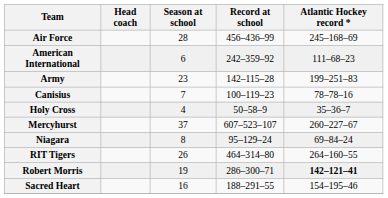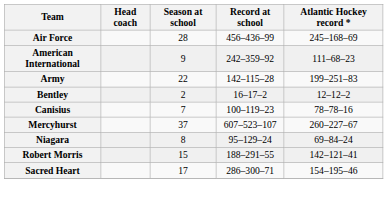 <table class="wikitable sortable" style="text-align: center; "width=50%">
 <tr>
 <th>Team</th>
 <th>Head coach</th>
 <th>Season at school</th>
 <th>Record at school</th>
 <th>Atlantic Hockey record *</th>
 </tr>
 <tr>
 <th>Air Force</th>
 <td></td>
 <td>28</td>
 <td>456–436–99</td>
 <td>245–168–69</td>
 </tr>
 <tr bgcolor=f0f0f0>
 <th>American International</th>
 <td></td>
-<td>6</td>
+<td>9</td>
 <td>242–359–92</td>
 <td>111–68–23</td>
 </tr>
 <tr>
 <th>Army</th>
 <td></td>
-<td>23</td>
+<td>22</td>
 <td>142–115–28</td>
 <td>199–251–83</td>
+</tr>
+<tr bgcolor=f0f0f0>
+<th>Bentley</th>
+<td></td>
+<td>2</td>
+<td>16–17–2</td>
+<td>12–12–2</td>
 </tr>
 <tr>
 <th>Canisius</th>
 <td></td>
 <td>7</td>
 <td>100–119–23</td>
 <td>78–78–16</td>
-</tr>
-<tr bgcolor=f0f0f0>
-<th>Holy Cross</th>
-<td></td>
-<td>4</td>
-<td>50–58–9</td>
-<td>35–36–7</td>
 </tr>
 <tr>
 <th>Mercyhurst</th>
 <td></td>
 <td>37</td>
 <td>607–523–107</td>
 <td>260–227–67</td>
 </tr>
 <tr bgcolor=f0f0f0>
 <th>Niagara</th>
 <td></td>
 <td>8</td>
 <td>95–129–24</td>
 <td>69–84–24</td>
 </tr>
-<tr>
-<th>RIT Tigers</th>
-<td></td>
-<td>26</td>
-<td>464–314–80</td>
-<td>264–160–55</td>
-</tr>
 <tr bgcolor=f0f0f0>
 <th>Robert Morris</th>
 <td></td>
-<td>19</td>
-<td>286–300–71</td>
-<td><strong>142–121–41</strong></td>
+<td>15</td>
+<td>188–291–55</td>
+<td>142–121–41</td>
 </tr>
 <tr>
 <th>Sacred Heart</th>
 <td></td>
-<td>16</td>
-<td>188–291–55</td>
+<td>17</td>
+<td>286–300–71</td>
 <td>154–195–46</td>
 </tr>
 <tr>
 </tr>
 </table>
